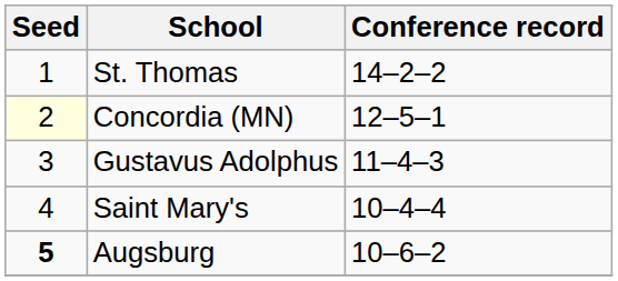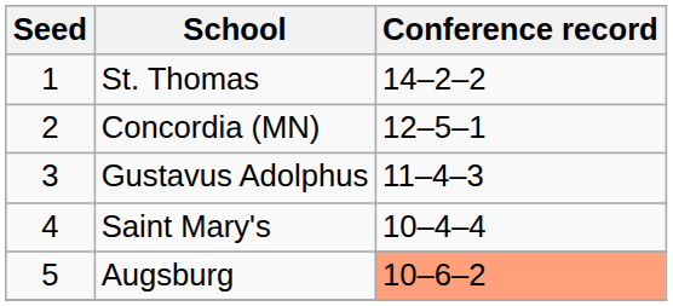 <table class="wikitable">
 <tr>
 <th>Seed</th>
 <th>School</th>
 <th>Conference record</th>
 </tr>
 <tr>
 <td align=center>1</td>
 <td>St. Thomas</td>
 <td>14–2–2</td>
 </tr>
 <tr>
-<td align=center style="background: lightyellow;">2</td>
+<td align=center>2</td>
 <td>Concordia (MN)</td>
 <td>12–5–1</td>
 </tr>
 <tr>
 <td align=center>3</td>
 <td>Gustavus Adolphus</td>
 <td>11–4–3</td>
 </tr>
 <tr>
 <td align=center>4</td>
 <td>Saint Mary's</td>
 <td>10–4–4</td>
 </tr>
 <tr>
-<td align=center><strong>5</strong></td>
+<td align=center>5</td>
 <td>Augsburg</td>
-<td>10–6–2</td>
+<td style="background: lightsalmon;">10–6–2</td>
 </tr>
 <tr>
 </tr>
 </table>
